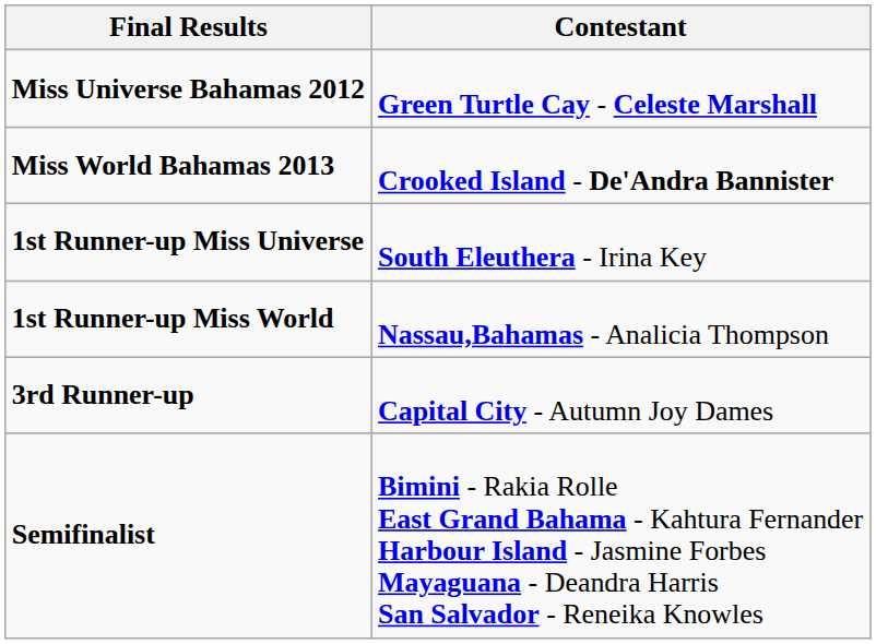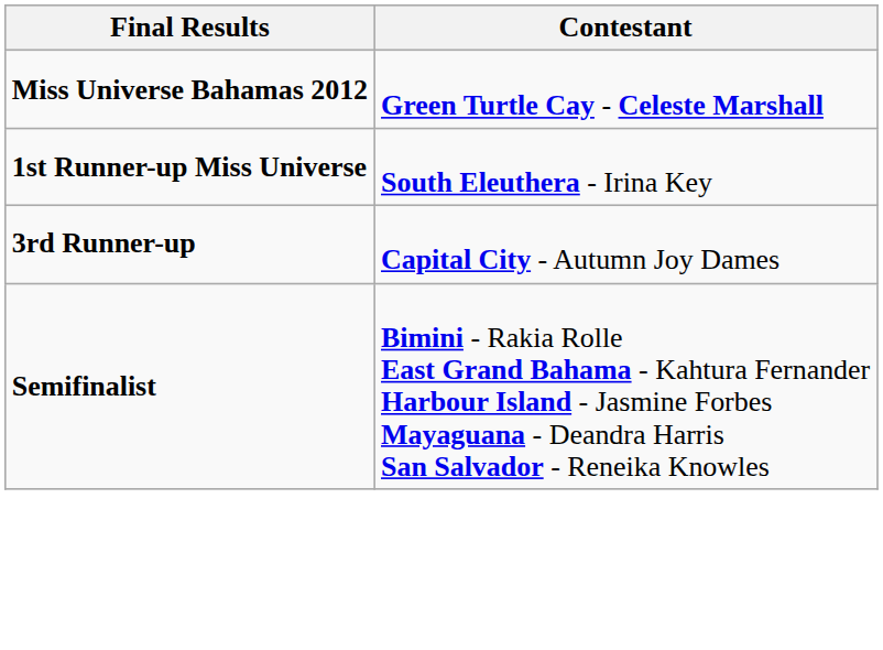 <table class="wikitable" border="1">
 <tr>
 <th>Final Results</th>
 <th>Contestant</th>
 </tr>
 <tr>
 <td><strong>Miss Universe Bahamas 2012</strong></td>
 <td><br><strong><a href='#'>Green Turtle Cay</a></strong> - <strong><a href='#'>Celeste Marshall</a></strong></td>
 </tr>
 <tr>
-<td><strong>Miss World Bahamas 2013</strong></td>
-<td><br><strong><a href='#'>Crooked Island</a></strong> - <strong>De'Andra Bannister</strong></td>
-</tr>
-<tr>
 <td><strong>1st Runner-up Miss Universe</strong></td>
 <td><br><strong><a href='#'>South Eleuthera</a></strong> - Irina Key</td>
-</tr>
-<tr>
-<td><strong>1st Runner-up Miss World</strong></td>
-<td><br><strong><a href='#'>Nassau,Bahamas</a></strong> - Analicia Thompson</td>
 </tr>
 <tr>
 <td><strong>3rd Runner-up</strong></td>
 <td><br><strong><a href='#'>Capital City</a></strong> - Autumn Joy Dames</td>
 </tr>
 <tr>
 <td><strong>Semifinalist</strong></td>
 <td><br><strong><a href='#'>Bimini</a></strong> - Rakia Rolle<br> <strong><a href='#'>East Grand Bahama</a></strong> - Kahtura Fernander<br> <strong><a href='#'>Harbour Island</a></strong> - Jasmine Forbes<br> <strong><a href='#'>Mayaguana</a></strong> - Deandra Harris<br> <strong><a href='#'>San Salvador</a></strong> - Reneika Knowles<br></td>
 </tr>
 </table>
